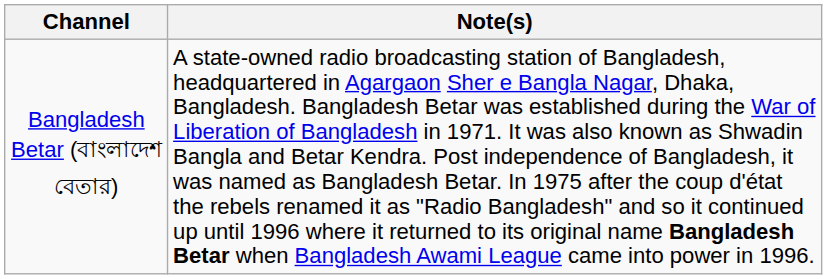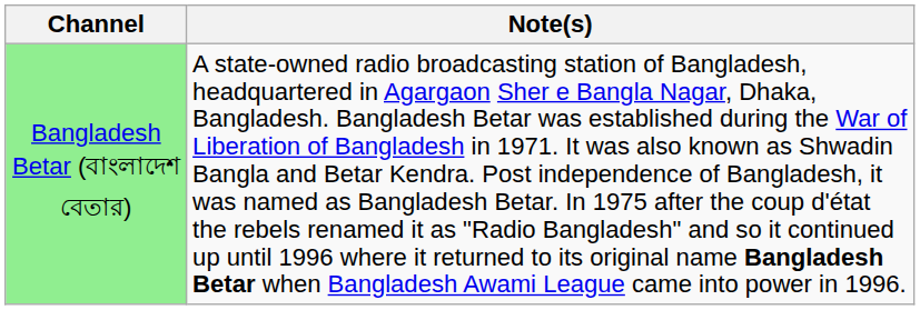 <table class="wikitable"  style="width:95%;">
 <tr>
 <th width=20%>Channel</th>
 <th width=80%>Note(s)</th>
 </tr>
 <tr>
-<td align=center><a href='#'>Bangladesh Betar</a> (বাংলাদেশ বেতার)</td>
+<td align=center style="background: lightgreen;"><a href='#'>Bangladesh Betar</a> (বাংলাদেশ বেতার)</td>
 <td>A state-owned radio broadcasting station of Bangladesh, headquartered in <a href='#'>Agargaon</a> <a href='#'>Sher e Bangla Nagar</a>, Dhaka, Bangladesh. Bangladesh Betar was established during the <a href='#'>War of Liberation of Bangladesh</a> in 1971. It was also known as Shwadin Bangla and Betar Kendra. Post independence of Bangladesh, it was named as Bangladesh Betar. In 1975 after the coup d'état the rebels renamed it as "Radio Bangladesh" and so it continued up until 1996 where it returned to its original name <strong>Bangladesh Betar</strong> when <a href='#'>Bangladesh Awami League</a> came into power in 1996.</td>
 </tr>
 </table>
